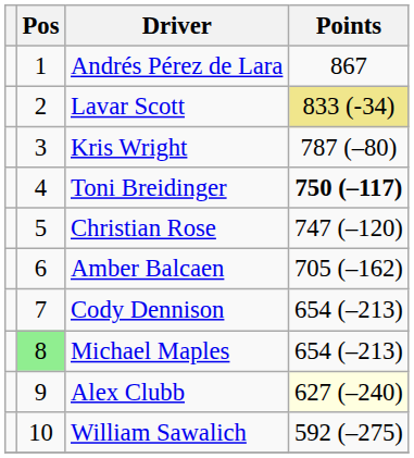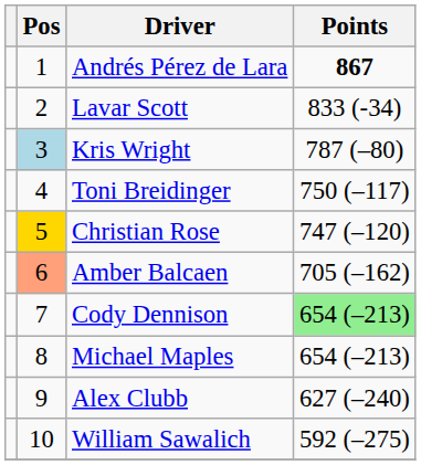 <table class="wikitable" style="font-size: 95%;">
 <tr>
 <th></th>
 <th>Pos</th>
 <th>Driver</th>
 <th>Points</th>
 </tr>
 <tr>
 <td align="left"></td>
 <td style="text-align:center;">1</td>
 <td><a href='#'>Andrés Pérez de Lara</a></td>
-<td style="text-align:center;">867</td>
+<td style="text-align:center;"><strong>867</strong></td>
 </tr>
 <tr>
 <td align="left"></td>
 <td style="text-align:center;">2</td>
 <td><a href='#'>Lavar Scott</a></td>
-<td style="background: khaki; text-align:center;">833 (-34)</td>
+<td style="text-align:center;">833 (-34)</td>
 </tr>
 <tr>
 <td align="left"></td>
-<td style="text-align:center;">3</td>
+<td style="background: lightblue; text-align:center;">3</td>
 <td><a href='#'>Kris Wright</a></td>
 <td style="text-align:center;">787 (–80)</td>
 </tr>
 <tr>
 <td align="left"></td>
 <td style="text-align:center;">4</td>
 <td><a href='#'>Toni Breidinger</a></td>
-<td style="text-align:center;"><strong>750 (–117)</strong></td>
+<td style="text-align:center;">750 (–117)</td>
 </tr>
 <tr>
 <td align="left"></td>
-<td style="text-align:center;">5</td>
+<td style="background: gold; text-align:center;">5</td>
 <td><a href='#'>Christian Rose</a></td>
 <td style="text-align:center;">747 (–120)</td>
 </tr>
 <tr>
 <td align="left"></td>
-<td style="text-align:center;">6</td>
+<td style="background: lightsalmon; text-align:center;">6</td>
 <td><a href='#'>Amber Balcaen</a></td>
 <td style="text-align:center;">705 (–162)</td>
 </tr>
 <tr>
 <td align="left"></td>
 <td style="text-align:center;">7</td>
 <td><a href='#'>Cody Dennison</a></td>
-<td style="text-align:center;">654 (–213)</td>
+<td style="background: lightgreen; text-align:center;">654 (–213)</td>
 </tr>
 <tr>
 <td align="left"></td>
-<td style="background: lightgreen; text-align:center;">8</td>
+<td style="text-align:center;">8</td>
 <td><a href='#'>Michael Maples</a></td>
 <td style="text-align:center;">654 (–213)</td>
 </tr>
 <tr>
 <td align="left"></td>
 <td style="text-align:center;">9</td>
 <td><a href='#'>Alex Clubb</a></td>
-<td style="background: lightyellow; text-align:center;">627 (–240)</td>
+<td style="text-align:center;">627 (–240)</td>
 </tr>
 <tr>
 <td align="left"></td>
 <td style="text-align:center;">10</td>
 <td><a href='#'>William Sawalich</a></td>
 <td style="text-align:center;">592 (–275)</td>
 </tr>
 <tr class="sortbottom">
 </tr>
 </table>
